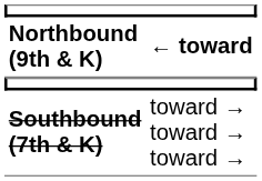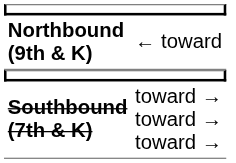 <table border="0" cellspacing="0" cellpadding="3">
 <tr>
 <td colspan="2" style="border-top:solid 1px gray;border-right:solid 2px black;border-left:solid 2px black;border-bottom:solid 2px black;text-align:center"></td>
 </tr>
 <tr>
 <td style="border-bottom:solid 1px gray"><strong>Northbound<br>(9th & K)</strong></td>
-<td style="border-bottom:solid 1px gray"><strong>←  toward  </strong></td>
+<td style="border-bottom:solid 1px gray">←  toward  </td>
 </tr>
 <tr>
 <td colspan="2" style="border-top:solid 1px gray;border-right:solid 2px black;border-left:solid 2px black;border-bottom:solid 2px black;text-align:center"></td>
 </tr>
 <tr>
 <td style="border-bottom:solid 1px gray"><s><strong>Southbound<br>(7th & K)</strong></s></td>
 <td style="border-bottom:solid 1px gray">  toward   →<br>  toward   →<br>  toward   →</td>
 </tr>
 </table>
